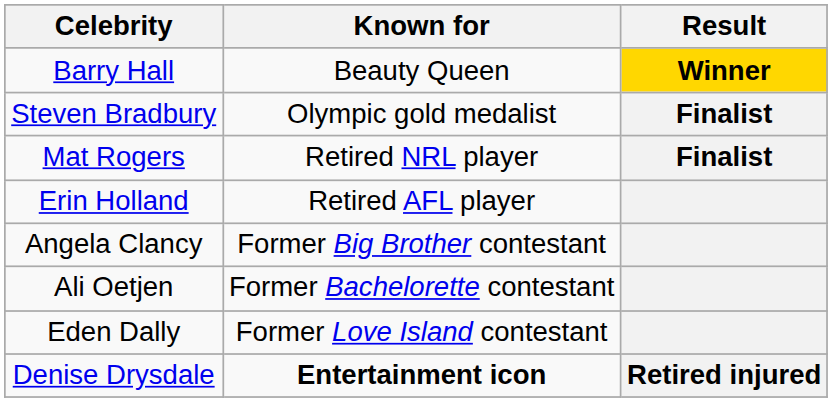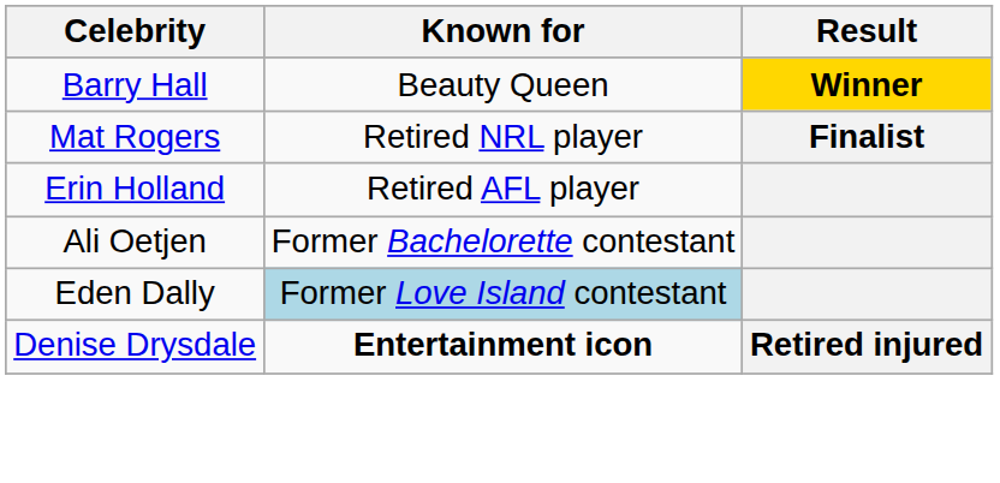 <table class="wikitable sortable" style="text-align:center;">
 <tr>
 <th scope="col">Celebrity</th>
 <th scope="col">Known for</th>
 <th scope="col">Result</th>
 </tr>
 <tr>
 <td><a href='#'>Barry Hall</a></td>
 <td>Beauty Queen</td>
 <th style="background:gold">Winner</th>
 </tr>
 <tr>
-<td><a href='#'>Steven Bradbury</a></td>
-<td>Olympic gold medalist</td>
-<th>Finalist</th>
-</tr>
-<tr>
 <td><a href='#'>Mat Rogers</a></td>
 <td>Retired <a href='#'>NRL</a> player</td>
 <th>Finalist</th>
 </tr>
 <tr>
 <td><a href='#'>Erin Holland</a></td>
 <td>Retired <a href='#'>AFL</a> player</td>
 <th></th>
 </tr>
 <tr>
-<td>Angela Clancy</td>
-<td>Former <em><a href='#'>Big Brother</a></em> contestant</td>
-<th></th>
-</tr>
-<tr>
 <td>Ali Oetjen</td>
 <td>Former <em><a href='#'>Bachelorette</a></em> contestant</td>
 <th></th>
 </tr>
 <tr>
 <td>Eden Dally</td>
-<td>Former <em><a href='#'>Love Island</a></em> contestant</td>
+<td style="background: lightblue;">Former <em><a href='#'>Love Island</a></em> contestant</td>
 <th></th>
 </tr>
 <tr>
 <td><a href='#'>Denise Drysdale</a></td>
 <td><strong>Entertainment icon</strong></td>
 <th>Retired injured</th>
 </tr>
 </table>
